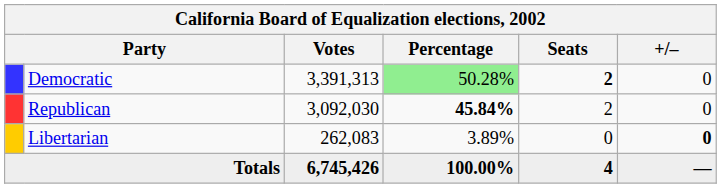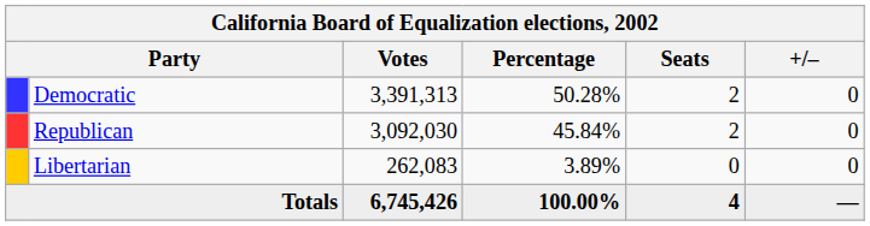 <table class="wikitable" style="font-size:95%;">
 <tr>
 <th colspan="6">California Board of Equalization elections, 2002</th>
 </tr>
 <tr>
 <th colspan=2 style="width: 15em">Party</th>
 <th style="width: 5em">Votes</th>
 <th style="width: 7em">Percentage</th>
 <th style="width: 5em">Seats</th>
 <th style="width: 5em">+/–</th>
 </tr>
 <tr>
 <th style="background-color:#3333FF; width: 3px"></th>
 <td style="width: 130px"><a href='#'>Democratic</a></td>
 <td style="text-align:right;">3,391,313</td>
-<td style="background: lightgreen; text-align:right;">50.28%</td>
-<td style="text-align:right;"><strong>2</strong></td>
+<td style="text-align:right;">50.28%</td>
+<td style="text-align:right;">2</td>
 <td style="text-align:right;">0</td>
 </tr>
 <tr>
 <th style="background-color:#FF3333; width: 3px"></th>
 <td style="width: 130px"><a href='#'>Republican</a></td>
 <td style="text-align:right;">3,092,030</td>
-<td style="text-align:right;"><strong>45.84%</strong></td>
+<td style="text-align:right;">45.84%</td>
 <td style="text-align:right;">2</td>
 <td style="text-align:right;">0</td>
 </tr>
 <tr>
 <th style="background-color:#FFCC00; width: 3px"></th>
 <td style="width: 130px"><a href='#'>Libertarian</a></td>
 <td style="text-align:right;">262,083</td>
 <td style="text-align:right;">3.89%</td>
 <td style="text-align:right;">0</td>
-<td style="text-align:right;"><strong>0</strong></td>
+<td style="text-align:right;">0</td>
 </tr>
 <tr style="background-color:#EEEEEE;">
 <td colspan="2" align="right"><strong>Totals</strong></td>
 <td style="text-align:right;"><strong>6,745,426</strong></td>
 <td style="text-align:right;"><strong>100.00%</strong></td>
 <td style="text-align:right;"><strong>4</strong></td>
 <td style="text-align:right;"><strong>—</strong></td>
 </tr>
 </table>
